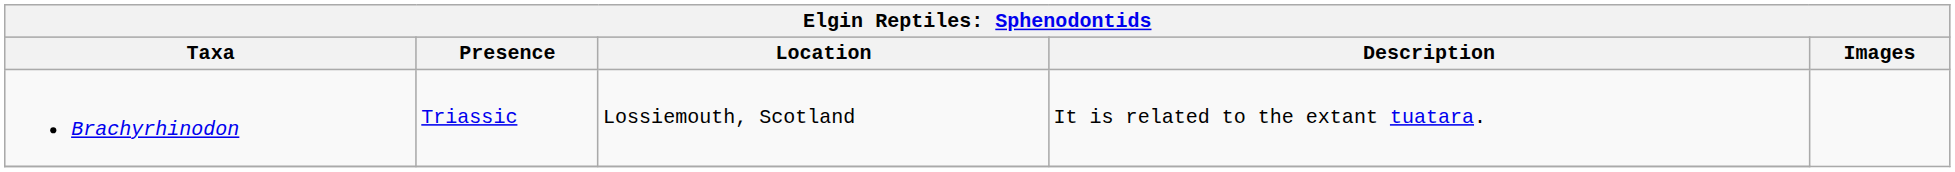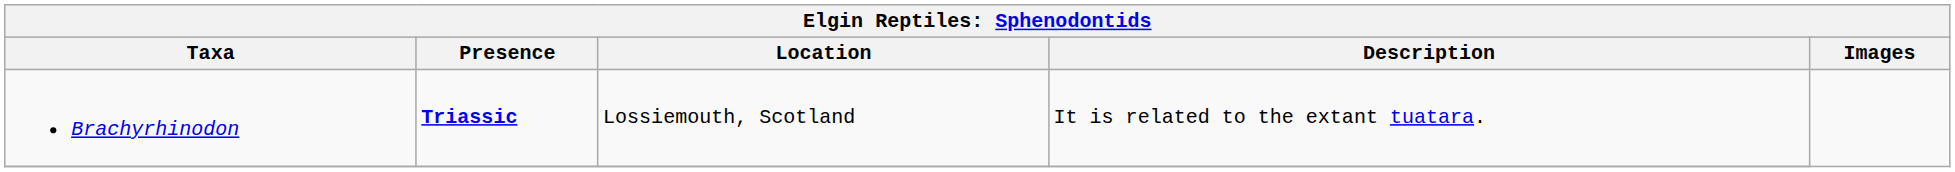 <table class="wikitable" align="center" width="100%">
 <tr>
 <th colspan="5" align="center">Elgin Reptiles: <strong><a href='#'>Sphenodontids</a></strong></th>
 </tr>
 <tr>
 <th>Taxa</th>
 <th>Presence</th>
 <th>Location</th>
 <th>Description</th>
 <th>Images</th>
 </tr>
 <tr>
 <td><br><ul><li><em><a href='#'>Brachyrhinodon</a></em></li></ul></td>
-<td><a href='#'>Triassic</a></td>
+<td><strong><a href='#'>Triassic</a></strong></td>
 <td>Lossiemouth, Scotland</td>
 <td>It is related to the extant <a href='#'>tuatara</a>.</td>
 </tr>
 <tr>
 </tr>
 </table>
